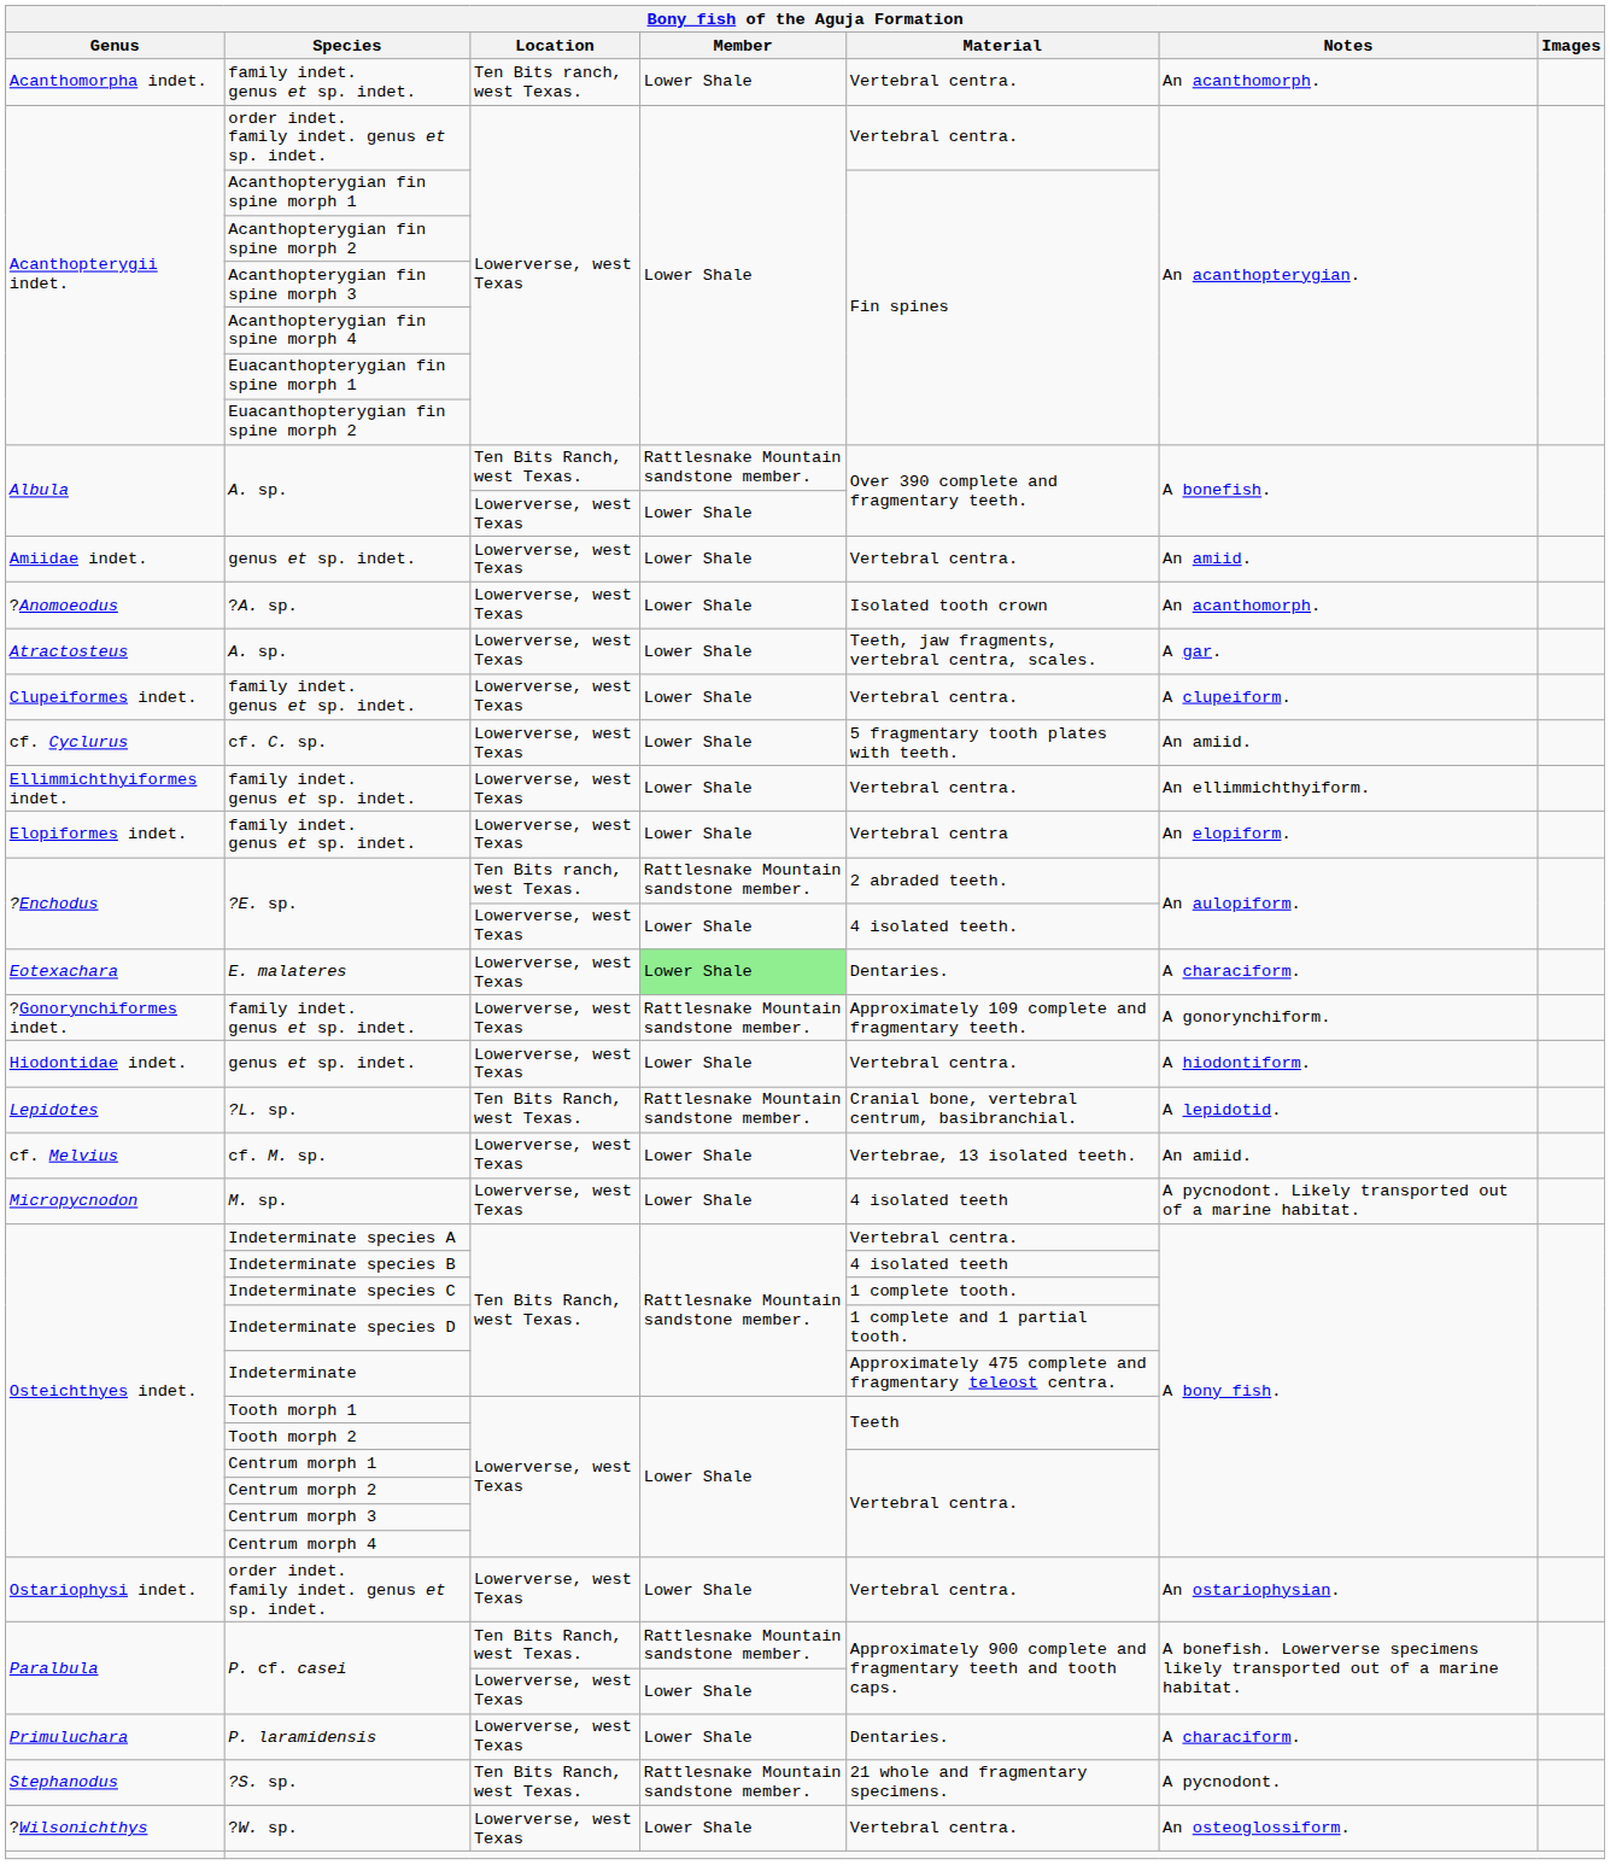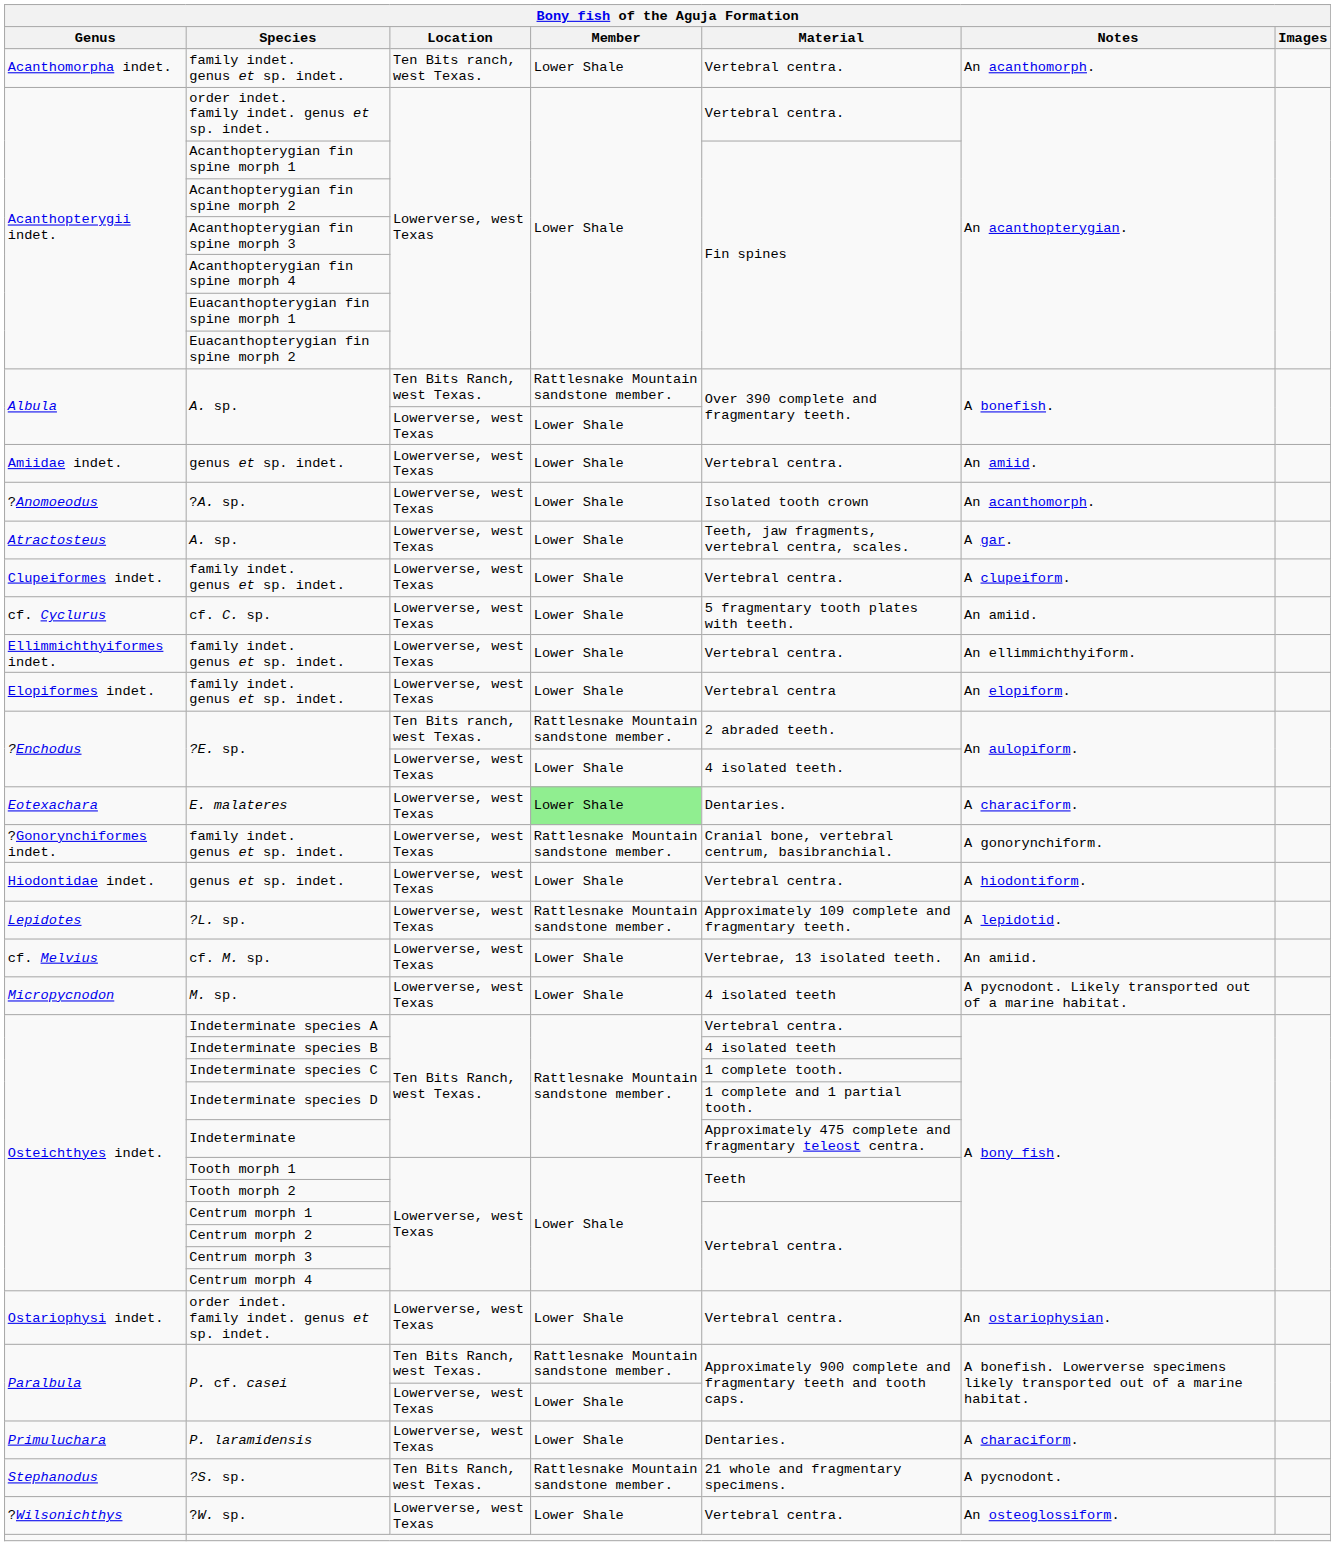 <table class="wikitable" align="center" width="100%">
 <tr>
 <th colspan="7" align="center"><strong><a href='#'>Bony fish</a> of the Aguja Formation</strong></th>
 </tr>
 <tr>
 <th>Genus</th>
 <th>Species</th>
 <th>Location</th>
 <th><strong>Member</strong></th>
 <th><strong>Material</strong></th>
 <th>Notes</th>
 <th>Images</th>
 </tr>
 <tr>
 <td><a href='#'>Acanthomorpha</a> indet.</td>
 <td>family indet.<br>genus <em>et</em> sp. indet.</td>
 <td>Ten Bits ranch, west Texas.</td>
 <td>Lower Shale</td>
 <td>Vertebral centra.</td>
 <td>An <a href='#'>acanthomorph</a>.</td>
 <td></td>
 </tr>
 <tr>
 <td rowspan="7"><a href='#'>Acanthopterygii</a> indet.</td>
 <td>order indet.<br>family indet. genus <em>et</em> sp. indet.</td>
 <td rowspan="7">Lowerverse, west Texas</td>
 <td rowspan="7">Lower Shale</td>
 <td>Vertebral centra.</td>
 <td rowspan="7">An <a href='#'>acanthopterygian</a>.</td>
 <td rowspan="7"></td>
 </tr>
 <tr>
 <td>Acanthopterygian fin spine morph 1</td>
 <td rowspan="6">Fin spines</td>
 </tr>
 <tr>
 <td>Acanthopterygian fin spine morph 2</td>
 </tr>
 <tr>
 <td>Acanthopterygian fin spine morph 3</td>
 </tr>
 <tr>
 <td>Acanthopterygian fin spine morph 4</td>
 </tr>
 <tr>
 <td>Euacanthopterygian fin spine morph 1</td>
 </tr>
 <tr>
 <td>Euacanthopterygian fin spine morph 2</td>
 </tr>
 <tr>
 <td rowspan="2"><em><a href='#'>Albula</a></em></td>
 <td rowspan="2"><em>A.</em> sp.</td>
 <td>Ten Bits Ranch, west Texas.</td>
 <td>Rattlesnake Mountain sandstone member.</td>
 <td rowspan="2">Over 390 complete and fragmentary teeth.</td>
 <td rowspan="2">A <a href='#'>bonefish</a>.</td>
 <td rowspan="2"></td>
 </tr>
 <tr>
 <td>Lowerverse, west Texas</td>
 <td>Lower Shale</td>
 </tr>
 <tr>
 <td><a href='#'>Amiidae</a> indet.</td>
 <td>genus <em>et</em> sp. indet.</td>
 <td>Lowerverse, west Texas</td>
 <td>Lower Shale</td>
 <td>Vertebral centra.</td>
 <td>An <a href='#'>amiid</a>.</td>
 <td></td>
 </tr>
 <tr>
 <td>?<em><a href='#'>Anomoeodus</a></em></td>
 <td>?<em>A.</em> sp.</td>
 <td>Lowerverse, west Texas</td>
 <td>Lower Shale</td>
 <td>Isolated tooth crown</td>
 <td>An <a href='#'>acanthomorph</a>.</td>
 <td></td>
 </tr>
 <tr>
 <td><em><a href='#'>Atractosteus</a></em></td>
 <td><em>A.</em> sp.</td>
 <td>Lowerverse, west Texas</td>
 <td>Lower Shale</td>
 <td>Teeth, jaw fragments, vertebral centra, scales.</td>
 <td>A <a href='#'>gar</a>.</td>
 <td></td>
 </tr>
 <tr>
 <td><a href='#'>Clupeiformes</a> indet.</td>
 <td>family indet.<br>genus <em>et</em> sp. indet.</td>
 <td>Lowerverse, west Texas</td>
 <td>Lower Shale</td>
 <td>Vertebral centra.</td>
 <td>A <a href='#'>clupeiform</a>.</td>
 <td></td>
 </tr>
 <tr>
 <td>cf. <em><a href='#'>Cyclurus</a></em></td>
 <td>cf. <em>C.</em> sp.</td>
 <td>Lowerverse, west Texas</td>
 <td>Lower Shale</td>
 <td>5 fragmentary tooth plates with teeth.</td>
 <td>An amiid.</td>
 <td></td>
 </tr>
 <tr>
 <td><a href='#'>Ellimmichthyiformes</a> indet.</td>
 <td>family indet.<br>genus <em>et</em> sp. indet.</td>
 <td>Lowerverse, west Texas</td>
 <td>Lower Shale</td>
 <td>Vertebral centra.</td>
 <td>An ellimmichthyiform.</td>
 <td></td>
 </tr>
 <tr>
 <td><a href='#'>Elopiformes</a> indet.</td>
 <td>family indet.<br>genus <em>et</em> sp. indet.</td>
 <td>Lowerverse, west Texas</td>
 <td>Lower Shale</td>
 <td>Vertebral centra</td>
 <td>An <a href='#'>elopiform</a>.</td>
 <td></td>
 </tr>
 <tr>
 <td rowspan="2"><em>?<a href='#'>Enchodus</a></em></td>
 <td rowspan="2"><em>?E.</em> sp.</td>
 <td>Ten Bits ranch, west Texas.</td>
 <td>Rattlesnake Mountain sandstone member.</td>
 <td>2 abraded teeth.</td>
 <td rowspan="2">An <a href='#'>aulopiform</a>.</td>
 <td rowspan="2"></td>
 </tr>
 <tr>
 <td>Lowerverse, west Texas</td>
 <td>Lower Shale</td>
 <td>4 isolated teeth.</td>
 </tr>
 <tr>
 <td><em><a href='#'>Eotexachara</a></em></td>
 <td><em>E. malateres</em></td>
 <td>Lowerverse, west Texas</td>
 <td style="background: lightgreen;">Lower Shale</td>
 <td>Dentaries.</td>
 <td>A <a href='#'>characiform</a>.</td>
 <td></td>
 </tr>
 <tr>
 <td>?<a href='#'>Gonorynchiformes</a> indet.</td>
 <td>family indet.<br>genus <em>et</em> sp. indet.</td>
 <td>Lowerverse, west Texas</td>
 <td>Rattlesnake Mountain sandstone member.</td>
-<td>Approximately 109 complete and fragmentary teeth.</td>
+<td>Cranial bone, vertebral centrum, basibranchial.</td>
 <td>A gonorynchiform.</td>
 <td></td>
 </tr>
 <tr>
 <td><a href='#'>Hiodontidae</a> indet.</td>
 <td>genus <em>et</em> sp. indet.</td>
 <td>Lowerverse, west Texas</td>
 <td>Lower Shale</td>
 <td>Vertebral centra.</td>
 <td>A <a href='#'>hiodontiform</a>.</td>
 <td></td>
 </tr>
 <tr>
 <td><em><a href='#'>Lepidotes</a></em></td>
 <td><em>?L.</em> sp.</td>
-<td>Ten Bits Ranch,  west Texas.</td>
+<td>Lowerverse, west Texas</td>
 <td>Rattlesnake Mountain sandstone member.</td>
-<td>Cranial bone, vertebral centrum, basibranchial.</td>
+<td>Approximately 109 complete and fragmentary teeth.</td>
 <td>A <a href='#'>lepidotid</a>.</td>
 <td></td>
 </tr>
 <tr>
 <td>cf. <em><a href='#'>Melvius</a></em></td>
 <td>cf. <em>M.</em> sp.</td>
 <td>Lowerverse, west Texas</td>
 <td>Lower Shale</td>
 <td>Vertebrae, 13 isolated teeth.</td>
 <td>An amiid.</td>
 <td></td>
 </tr>
 <tr>
 <td><em><a href='#'>Micropycnodon</a></em></td>
 <td><em>M.</em> sp.</td>
 <td>Lowerverse, west Texas</td>
 <td>Lower Shale</td>
 <td>4 isolated teeth</td>
 <td>A pycnodont. Likely transported out of a marine habitat.</td>
 <td></td>
 </tr>
 <tr>
 <td rowspan="11"><a href='#'>Osteichthyes</a> indet.</td>
 <td>Indeterminate species A</td>
 <td rowspan="5">Ten Bits Ranch, west Texas.</td>
 <td rowspan="5">Rattlesnake Mountain sandstone member.</td>
 <td>Vertebral centra.</td>
 <td rowspan="11">A <a href='#'>bony fish</a>.</td>
 <td rowspan="11"></td>
 </tr>
 <tr>
 <td>Indeterminate species B</td>
 <td>4 isolated teeth</td>
 </tr>
 <tr>
 <td>Indeterminate species C</td>
 <td>1 complete tooth.</td>
 </tr>
 <tr>
 <td>Indeterminate species D</td>
 <td>1 complete and 1 partial tooth.</td>
 </tr>
 <tr>
 <td>Indeterminate</td>
 <td>Approximately 475 complete and fragmentary <a href='#'>teleost</a> centra.</td>
 </tr>
 <tr>
 <td>Tooth morph 1</td>
 <td rowspan="6">Lowerverse, west Texas</td>
 <td rowspan="6">Lower Shale</td>
 <td rowspan="2">Teeth</td>
 </tr>
 <tr>
 <td>Tooth morph 2</td>
 </tr>
 <tr>
 <td>Centrum morph 1</td>
 <td rowspan="4">Vertebral centra.</td>
 </tr>
 <tr>
 <td>Centrum morph 2</td>
 </tr>
 <tr>
 <td>Centrum morph 3</td>
 </tr>
 <tr>
 <td>Centrum morph 4</td>
 </tr>
 <tr>
 <td><a href='#'>Ostariophysi</a> indet.</td>
 <td>order indet.<br>family indet. genus <em>et</em> sp. indet.</td>
 <td>Lowerverse, west Texas</td>
 <td>Lower Shale</td>
 <td>Vertebral centra.</td>
 <td>An <a href='#'>ostariophysian</a>.</td>
 <td></td>
 </tr>
 <tr>
 <td rowspan="2"><em><a href='#'>Paralbula</a></em></td>
 <td rowspan="2"><em>P.</em> cf. <em>casei</em></td>
 <td>Ten Bits Ranch, west Texas.</td>
 <td>Rattlesnake Mountain sandstone member.</td>
 <td rowspan="2">Approximately 900 complete and fragmentary teeth and tooth caps.</td>
 <td rowspan="2">A bonefish. Lowerverse specimens likely transported out of a marine habitat.</td>
 <td rowspan="2"></td>
 </tr>
 <tr>
 <td>Lowerverse, west Texas</td>
 <td>Lower Shale</td>
 </tr>
 <tr>
 <td><em><a href='#'>Primuluchara</a></em></td>
 <td><em>P. laramidensis</em></td>
 <td>Lowerverse, west Texas</td>
 <td>Lower Shale</td>
 <td>Dentaries.</td>
 <td>A <a href='#'>characiform</a>.</td>
 <td></td>
 </tr>
 <tr>
 <td><em><a href='#'>Stephanodus</a></em></td>
 <td><em>?S.</em> sp.</td>
 <td>Ten Bits Ranch, west Texas.</td>
 <td>Rattlesnake Mountain sandstone member.</td>
 <td>21 whole and fragmentary specimens.</td>
 <td>A pycnodont.</td>
 <td></td>
 </tr>
 <tr>
 <td>?<em><a href='#'>Wilsonichthys</a></em></td>
 <td>?<em>W.</em> sp.</td>
 <td>Lowerverse, west Texas</td>
 <td>Lower Shale</td>
 <td>Vertebral centra.</td>
 <td>An <a href='#'>osteoglossiform</a>.</td>
 <td></td>
 </tr>
 <tr>
 <td></td>
 </tr>
 </table>
